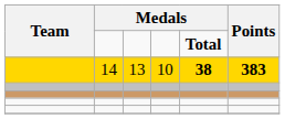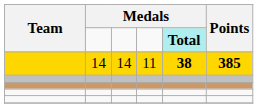 <table class="wikitable" style="text-align:center;">
 <tr>
 <th width=80px rowspan=2>Team</th>
 <th colspan=4>Medals</th>
 <th rowspan=2>Points</th>
 </tr>
 <tr>
 <td width=20px></td>
 <td width=20px></td>
 <td width=20px></td>
-<td width=40px align=center><strong>Total</strong></td>
+<td width=40px align=center style="background: paleturquoise;"><strong>Total</strong></td>
 </tr>
 <tr bgcolor="gold">
 <td></td>
 <td>14</td>
-<td>13</td>
-<td>10</td>
+<td>14</td>
+<td>11</td>
 <td><strong>38</strong></td>
-<td><strong>383</strong></td>
+<td><strong>385</strong></td>
 </tr>
 <tr bgcolor="silver">
 <td></td>
 <td></td>
 <td></td>
 <td></td>
 <td></td>
 <td></td>
 </tr>
 <tr bgcolor="CC9966">
 <td></td>
 <td></td>
 <td></td>
 <td></td>
 <td></td>
 <td></td>
 </tr>
 <tr>
 <td><strong></strong></td>
 <td></td>
 <td></td>
 <td></td>
 <td></td>
 <td></td>
 </tr>
 <tr>
 <td></td>
 <td></td>
 <td></td>
 <td></td>
 <td></td>
 <td></td>
 </tr>
 <tr>
 </tr>
 </table>
